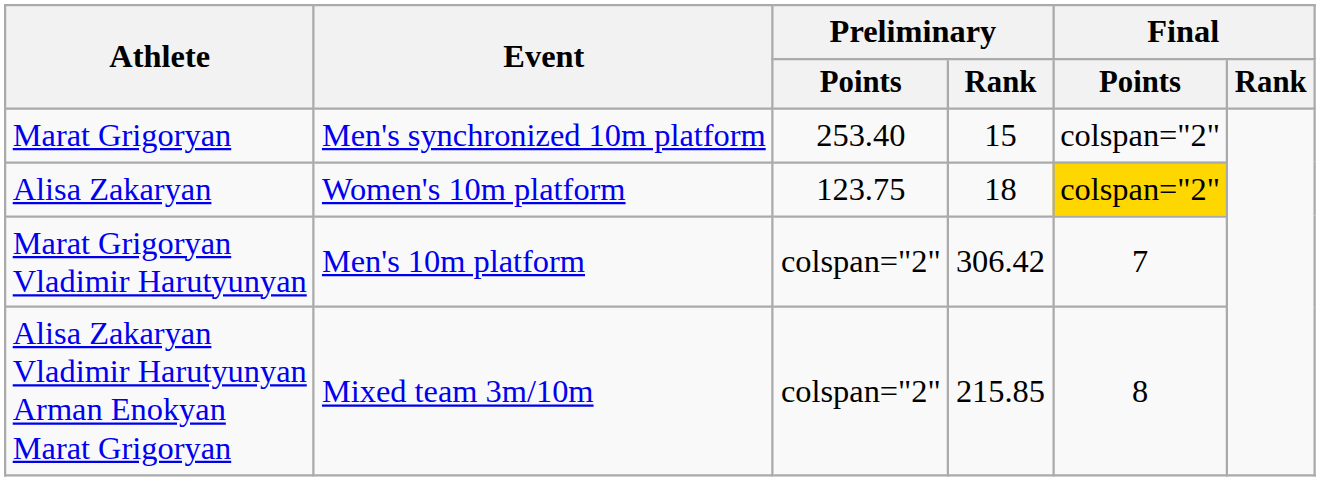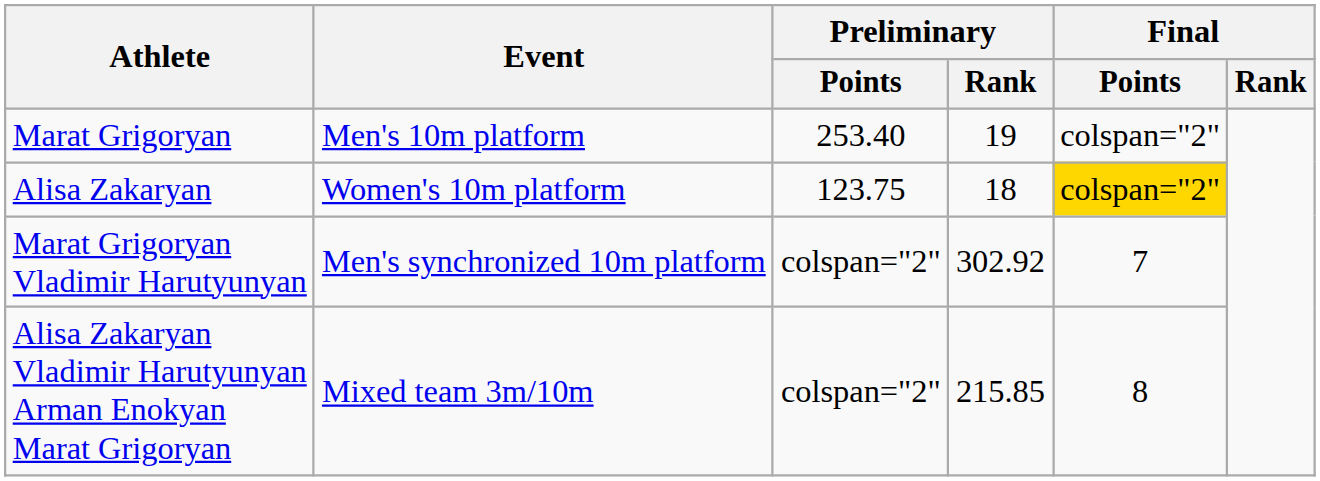 <table class="wikitable" style="text-align:center; font-size:90%">
 <tr>
 <th rowspan="2">Athlete</th>
 <th rowspan="2">Event</th>
 <th colspan="2">Preliminary</th>
 <th colspan="2">Final</th>
 </tr>
 <tr style="font-size:95%">
 <th>Points</th>
 <th>Rank</th>
 <th>Points</th>
 <th>Rank</th>
 </tr>
 <tr>
 <td align="left"><a href='#'>Marat Grigoryan</a></td>
-<td align="left"><a href='#'>Men's synchronized 10m platform</a></td>
+<td align="left"><a href='#'>Men's 10m platform</a></td>
 <td>253.40</td>
-<td>15</td>
+<td>19</td>
 <td>colspan="2" </td>
 </tr>
 <tr>
 <td align="left"><a href='#'>Alisa Zakaryan</a></td>
 <td align="left"><a href='#'>Women's 10m platform</a></td>
 <td>123.75</td>
 <td>18</td>
 <td style="background: gold;">colspan="2" </td>
 </tr>
 <tr>
 <td align="left"><a href='#'>Marat Grigoryan</a><br><a href='#'>Vladimir Harutyunyan</a></td>
-<td align="left"><a href='#'>Men's 10m platform</a></td>
+<td align="left"><a href='#'>Men's synchronized 10m platform</a></td>
 <td>colspan="2" </td>
-<td>306.42</td>
+<td>302.92</td>
 <td>7</td>
 </tr>
 <tr>
 <td align="left"><a href='#'>Alisa Zakaryan</a><br><a href='#'>Vladimir Harutyunyan</a><br><a href='#'>Arman Enokyan</a><br><a href='#'>Marat Grigoryan</a></td>
 <td align="left"><a href='#'>Mixed team 3m/10m</a></td>
 <td>colspan="2" </td>
 <td>215.85</td>
 <td>8</td>
 </tr>
 </table>
